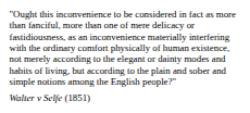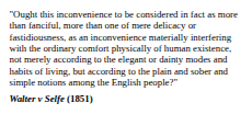 <table class="toccolours" style="float: right; margin-left: 1em; font-size: 85%; background:white; color:black; width:25em; max-width: 34%;" cellspacing="5">
 <tr>
 <td style="text-align: left;">"Ought this inconvenience to be considered in fact as more than fanciful, more than one of mere delicacy or fastidiousness, as an inconvenience materially interfering with the ordinary comfort physically of human existence, not merely according to the elegant or dainty modes and habits of living, but according to the plain and sober and simple notions among the English people?"</td>
 </tr>
 <tr>
-<td style="text-align: left;"><em>Walter v Selfe</em> (1851)</td>
+<td style="text-align: left;"><strong><em>Walter v Selfe</em> (1851)</strong></td>
 </tr>
 </table>
